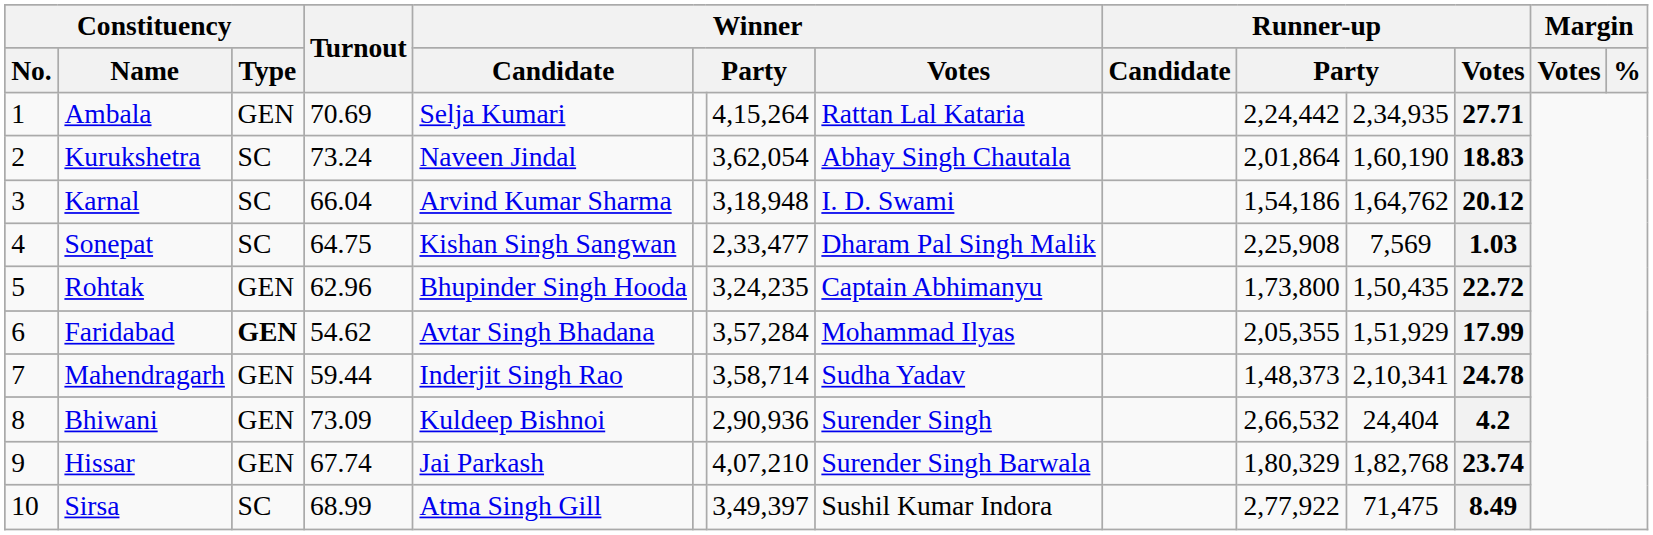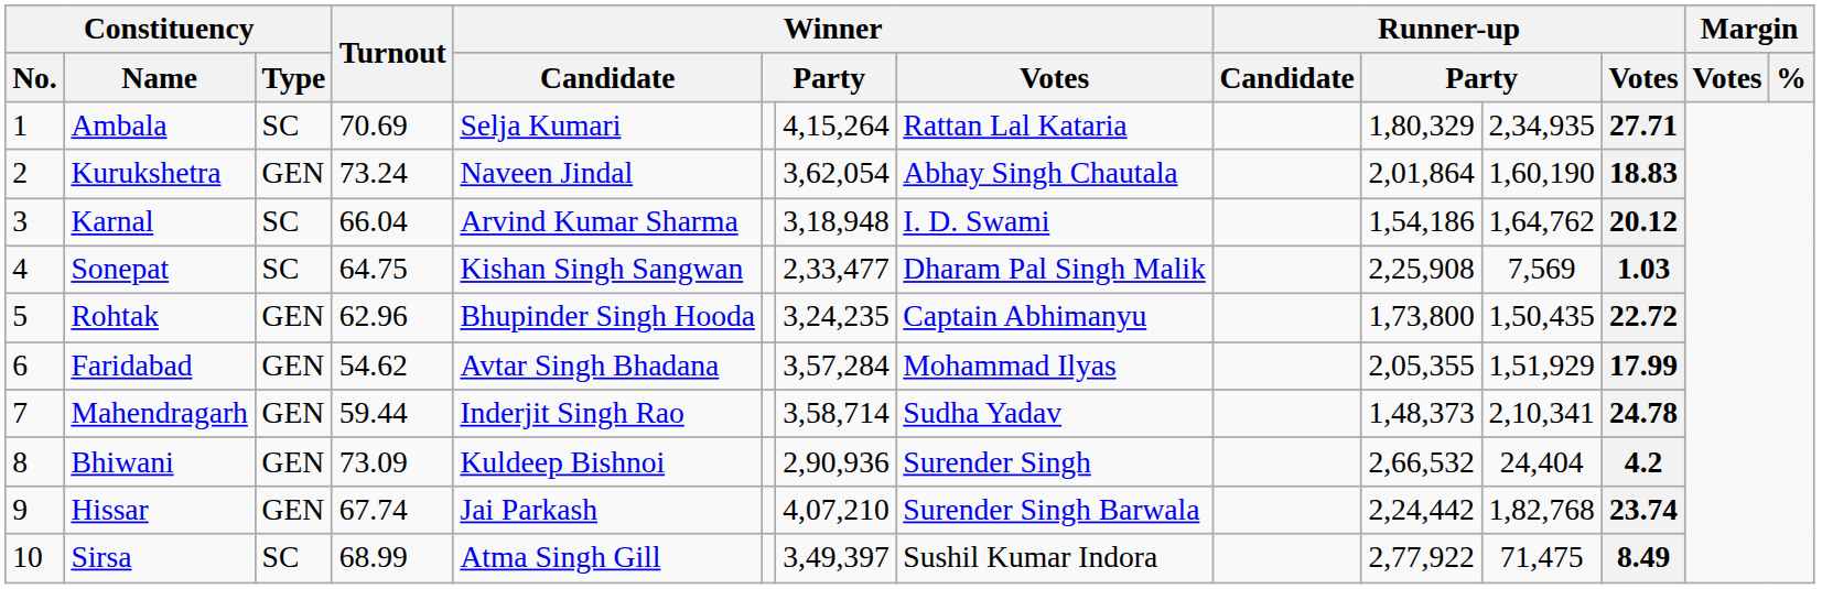 <table class="wikitable sortable">
 <tr>
 <th colspan="3">Constituency</th>
 <th rowspan="2">Turnout</th>
 <th colspan="4">Winner</th>
 <th colspan="4">Runner-up</th>
 <th colspan="2">Margin</th>
 </tr>
 <tr>
 <th>No.</th>
 <th>Name</th>
 <th>Type</th>
 <th>Candidate</th>
 <th colspan="2">Party</th>
 <th>Votes</th>
 <th>Candidate</th>
 <th colspan="2">Party</th>
 <th>Votes</th>
 <th>Votes</th>
 <th>%</th>
 </tr>
 <tr>
 <td>1</td>
 <td><a href='#'>Ambala</a></td>
-<td>GEN</td>
+<td>SC</td>
 <td>70.69</td>
 <td><a href='#'>Selja Kumari</a></td>
 <td></td>
 <td>4,15,264</td>
 <td><a href='#'>Rattan Lal Kataria</a></td>
 <td></td>
-<td>2,24,442</td>
+<td>1,80,329</td>
 <td style="text-align:center;background:">2,34,935</td>
 <th>27.71</th>
 </tr>
 <tr>
 <td>2</td>
 <td><a href='#'>Kurukshetra</a></td>
-<td>SC</td>
+<td>GEN</td>
 <td>73.24</td>
 <td><a href='#'>Naveen Jindal</a></td>
 <td></td>
 <td>3,62,054</td>
 <td><a href='#'>Abhay Singh Chautala</a></td>
 <td></td>
 <td>2,01,864</td>
 <td style="text-align:center;background:">1,60,190</td>
 <th>18.83</th>
 </tr>
 <tr>
 <td>3</td>
 <td><a href='#'>Karnal</a></td>
 <td>SC</td>
 <td>66.04</td>
 <td><a href='#'>Arvind Kumar Sharma</a></td>
 <td></td>
 <td>3,18,948</td>
 <td><a href='#'>I. D. Swami</a></td>
 <td></td>
 <td>1,54,186</td>
 <td style="text-align:center;background:">1,64,762</td>
 <th>20.12</th>
 </tr>
 <tr>
 <td>4</td>
 <td><a href='#'>Sonepat</a></td>
 <td>SC</td>
 <td>64.75</td>
 <td><a href='#'>Kishan Singh Sangwan</a></td>
 <td></td>
 <td>2,33,477</td>
 <td><a href='#'>Dharam Pal Singh Malik</a></td>
 <td></td>
 <td>2,25,908</td>
 <td style="text-align:center;background:">7,569</td>
 <th>1.03</th>
 </tr>
 <tr>
 <td>5</td>
 <td><a href='#'>Rohtak</a></td>
 <td>GEN</td>
 <td>62.96</td>
 <td><a href='#'>Bhupinder Singh Hooda</a></td>
 <td></td>
 <td>3,24,235</td>
 <td><a href='#'>Captain Abhimanyu</a></td>
 <td></td>
 <td>1,73,800</td>
 <td style="text-align:center;background:">1,50,435</td>
 <th>22.72</th>
 </tr>
 <tr>
 <td>6</td>
 <td><a href='#'>Faridabad</a></td>
-<td><strong>GEN</strong></td>
+<td>GEN</td>
 <td>54.62</td>
 <td><a href='#'>Avtar Singh Bhadana</a></td>
 <td></td>
 <td>3,57,284</td>
 <td><a href='#'>Mohammad Ilyas</a></td>
 <td></td>
 <td>2,05,355</td>
 <td style="text-align:center;background:">1,51,929</td>
 <th>17.99</th>
 </tr>
 <tr>
 <td>7</td>
 <td><a href='#'>Mahendragarh</a></td>
 <td>GEN</td>
 <td>59.44</td>
 <td><a href='#'>Inderjit Singh Rao</a></td>
 <td></td>
 <td>3,58,714</td>
 <td><a href='#'>Sudha Yadav</a></td>
 <td></td>
 <td>1,48,373</td>
 <td style="text-align:center;background:">2,10,341</td>
 <th>24.78</th>
 </tr>
 <tr>
 <td>8</td>
 <td><a href='#'>Bhiwani</a></td>
 <td>GEN</td>
 <td>73.09</td>
 <td><a href='#'>Kuldeep Bishnoi</a></td>
 <td></td>
 <td>2,90,936</td>
 <td><a href='#'>Surender Singh</a></td>
 <td></td>
 <td>2,66,532</td>
 <td style="text-align:center;background:">24,404</td>
 <th>4.2</th>
 </tr>
 <tr>
 <td>9</td>
 <td><a href='#'>Hissar</a></td>
 <td>GEN</td>
 <td>67.74</td>
 <td><a href='#'>Jai Parkash</a></td>
 <td></td>
 <td>4,07,210</td>
 <td><a href='#'>Surender Singh Barwala</a></td>
 <td></td>
-<td>1,80,329</td>
+<td>2,24,442</td>
 <td style="text-align:center;background:">1,82,768</td>
 <th>23.74</th>
 </tr>
 <tr>
 <td>10</td>
 <td><a href='#'>Sirsa</a></td>
 <td>SC</td>
 <td>68.99</td>
 <td><a href='#'>Atma Singh Gill</a></td>
 <td></td>
 <td>3,49,397</td>
 <td>Sushil Kumar Indora</td>
 <td></td>
 <td>2,77,922</td>
 <td style="text-align:center;background:">71,475</td>
 <th>8.49</th>
 </tr>
 </table>
